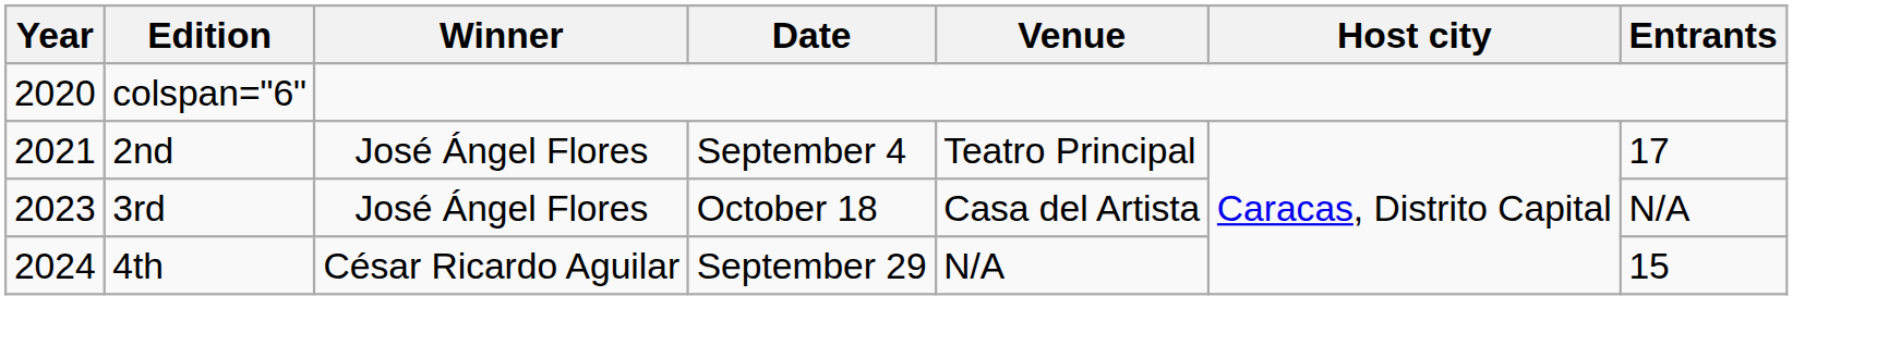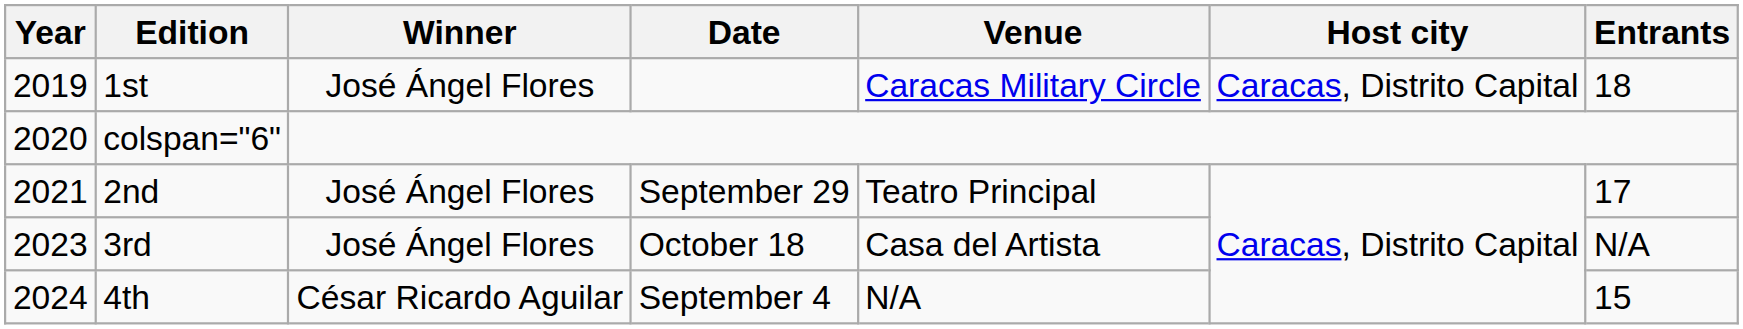 <table class="wikitable sortable" style="font-size: 95%;">
 <tr>
 <th>Year</th>
 <th>Edition</th>
 <th>Winner</th>
 <th>Date</th>
 <th>Venue</th>
 <th>Host city</th>
 <th>Entrants</th>
 </tr>
 <tr>
+<td>2019</td>
+<td>1st</td>
+<td align="center">José Ángel Flores<br></td>
+<td></td>
+<td><a href='#'>Caracas Military Circle</a></td>
+<td><a href='#'>Caracas</a>, Distrito Capital</td>
+<td>18</td>
+</tr>
+<tr>
 <td>2020</td>
 <td>colspan="6" </td>
 </tr>
 <tr>
 <td>2021</td>
 <td>2nd</td>
 <td align="center">José Ángel Flores<br></td>
-<td>September 4</td>
+<td>September 29</td>
 <td>Teatro Principal</td>
 <td rowspan="3"><a href='#'>Caracas</a>, Distrito Capital</td>
 <td>17</td>
 </tr>
 <tr>
 <td>2023</td>
 <td>3rd</td>
 <td align="center">José Ángel Flores<br></td>
 <td>October 18</td>
 <td>Casa del Artista</td>
 <td>N/A</td>
 </tr>
 <tr>
 <td>2024</td>
 <td>4th</td>
 <td align="center">César Ricardo Aguilar<br></td>
-<td>September 29</td>
+<td>September 4</td>
 <td>N/A</td>
 <td>15</td>
 </tr>
 </table>
